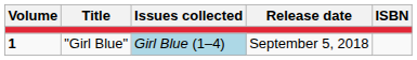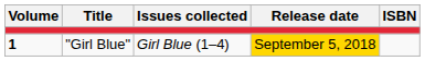 <table class="wikitable">
 <tr>
 <th>Volume</th>
 <th>Title</th>
 <th>Issues collected</th>
 <th>Release date</th>
 <th>ISBN</th>
 </tr>
 <tr>
 <td colspan="6" style="background:#e32636;"></td>
 </tr>
 <tr>
 <td><strong>1</strong></td>
 <td>"Girl Blue"</td>
-<td style="background: lightblue;"><em>Girl Blue</em> (1–4)</td>
-<td>September 5, 2018</td>
+<td><em>Girl Blue</em> (1–4)</td>
+<td style="background: gold;">September 5, 2018</td>
 <td></td>
 </tr>
 </table>
